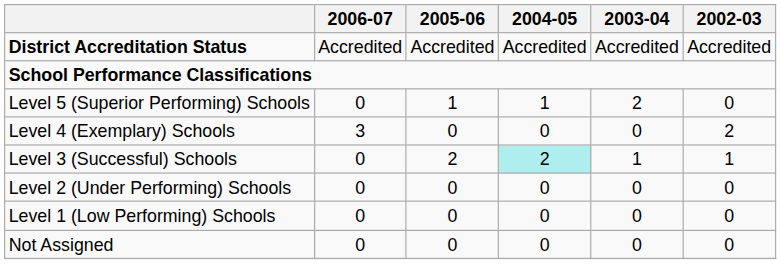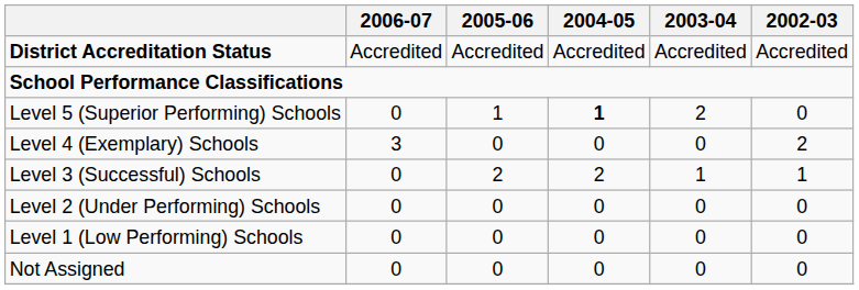 <table class="wikitable" style="font-size: 95%;">
 <tr>
 <th></th>
 <th>2006-07</th>
 <th>2005-06</th>
 <th>2004-05</th>
 <th>2003-04</th>
 <th>2002-03</th>
 </tr>
 <tr>
 <td align="left"><strong>District Accreditation Status</strong></td>
 <td align="center">Accredited</td>
 <td align="center">Accredited</td>
 <td align="center">Accredited</td>
 <td align="center">Accredited</td>
 <td align="center">Accredited</td>
 </tr>
 <tr>
 <td align="left" colspan="6"><strong>School Performance Classifications</strong></td>
 </tr>
 <tr>
 <td align="left">Level 5 (Superior Performing) Schools</td>
 <td align="center">0</td>
 <td align="center">1</td>
-<td align="center">1</td>
+<td align="center"><strong>1</strong></td>
 <td align="center">2</td>
 <td align="center">0</td>
 </tr>
 <tr>
 <td align="left">Level 4 (Exemplary) Schools</td>
 <td align="center">3</td>
 <td align="center">0</td>
 <td align="center">0</td>
 <td align="center">0</td>
 <td align="center">2</td>
 </tr>
 <tr>
 <td align="left">Level 3 (Successful) Schools</td>
 <td align="center">0</td>
 <td align="center">2</td>
-<td align="center" style="background: paleturquoise;">2</td>
+<td align="center">2</td>
 <td align="center">1</td>
 <td align="center">1</td>
 </tr>
 <tr>
 <td align="left">Level 2 (Under Performing) Schools</td>
 <td align="center">0</td>
 <td align="center">0</td>
 <td align="center">0</td>
 <td align="center">0</td>
 <td align="center">0</td>
 </tr>
 <tr>
 <td align="left">Level 1 (Low Performing) Schools</td>
 <td align="center">0</td>
 <td align="center">0</td>
 <td align="center">0</td>
 <td align="center">0</td>
 <td align="center">0</td>
 </tr>
 <tr>
 <td align="left">Not Assigned</td>
 <td align="center">0</td>
 <td align="center">0</td>
 <td align="center">0</td>
 <td align="center">0</td>
 <td align="center">0</td>
 </tr>
 <tr>
 </tr>
 </table>
